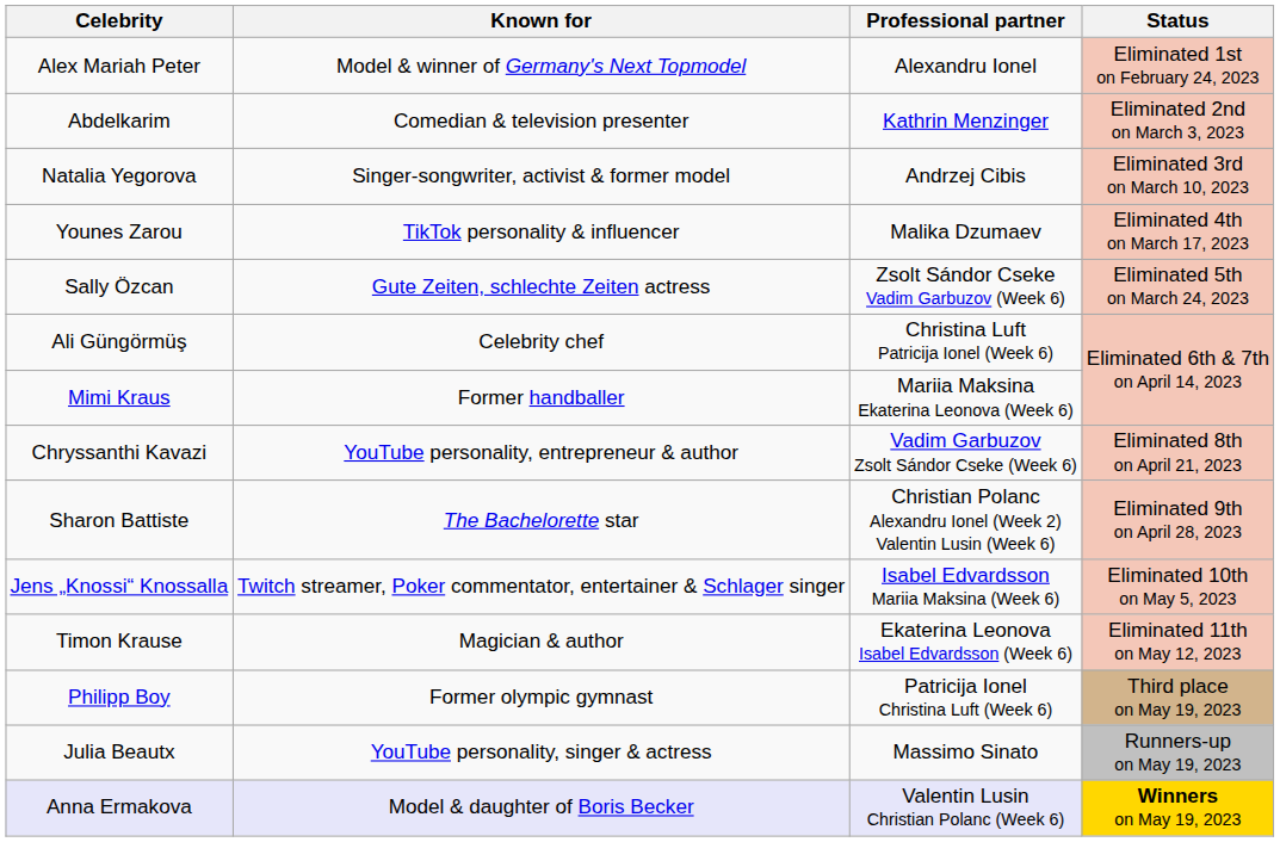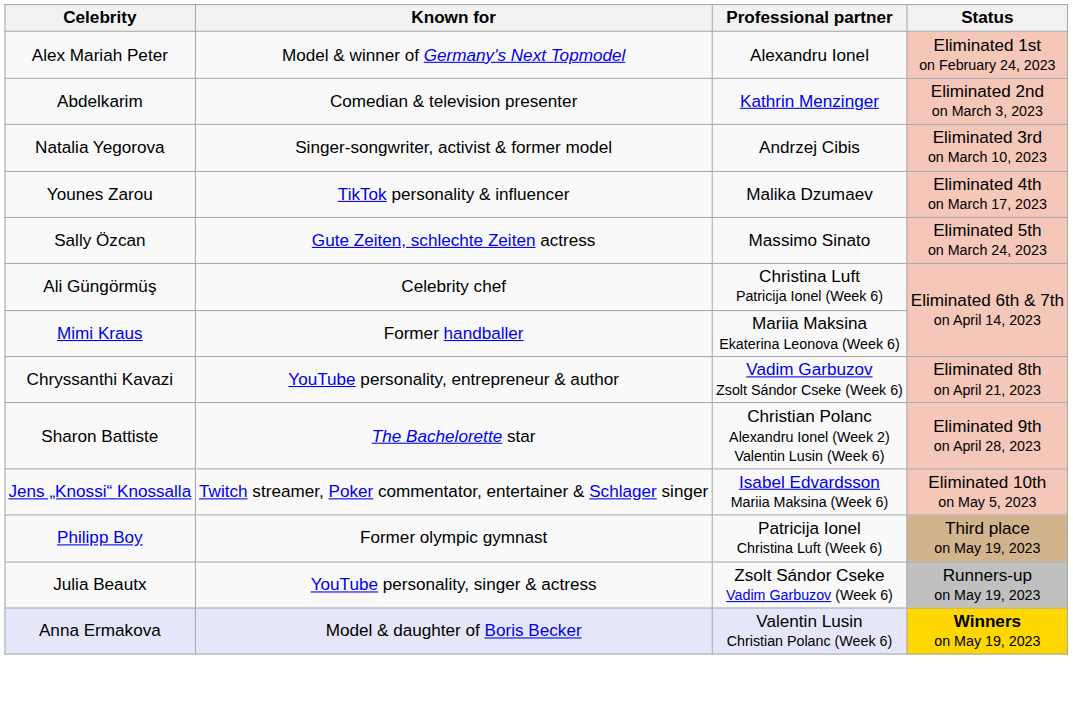 <table class= "wikitable sortable" style="text-align: center; margin:auto; align: center">
 <tr>
 <th>Celebrity</th>
 <th>Known for</th>
 <th>Professional partner</th>
 <th>Status</th>
 </tr>
 <tr>
 <td>Alex Mariah Peter</td>
 <td>Model & winner of <em><a href='#'>Germany's Next Topmodel</a></em></td>
 <td>Alexandru Ionel</td>
 <td bgcolor="#F4C7B8">Eliminated 1st<br><small>on February 24, 2023</small></td>
 </tr>
 <tr>
 <td>Abdelkarim</td>
 <td>Comedian & television presenter</td>
 <td><a href='#'>Kathrin Menzinger</a></td>
 <td bgcolor="#F4C7B8">Eliminated 2nd<br><small>on March 3, 2023</small></td>
 </tr>
 <tr>
 <td>Natalia Yegorova</td>
 <td>Singer-songwriter, activist & former model</td>
 <td>Andrzej Cibis</td>
 <td bgcolor="#F4C7B8">Eliminated 3rd<br><small>on March 10, 2023</small></td>
 </tr>
 <tr>
 <td>Younes Zarou</td>
 <td><a href='#'>TikTok</a> personality & influencer</td>
 <td>Malika Dzumaev</td>
 <td bgcolor="#F4C7B8">Eliminated 4th<br><small>on March 17, 2023</small></td>
 </tr>
 <tr>
 <td>Sally Özcan</td>
 <td><a href='#'>Gute Zeiten, schlechte Zeiten</a> actress</td>
-<td>Zsolt Sándor Cseke<br><small><a href='#'>Vadim Garbuzov</a> (Week 6)</small></td>
+<td>Massimo Sinato</td>
 <td bgcolor="#F4C7B8">Eliminated 5th<br><small>on March 24, 2023</small></td>
 </tr>
 <tr>
 <td>Ali Güngörmüş</td>
 <td>Celebrity chef</td>
 <td>Christina Luft<br><small>Patricija Ionel (Week 6)</small></td>
 <td rowspan="2" bgcolor="#F4C7B8">Eliminated 6th & 7th<br><small>on April 14, 2023</small></td>
 </tr>
 <tr>
 <td><a href='#'>Mimi Kraus</a></td>
 <td>Former <a href='#'>handballer</a></td>
 <td>Mariia Maksina<br><small>Ekaterina Leonova (Week 6)</small></td>
 </tr>
 <tr>
 <td>Chryssanthi Kavazi</td>
 <td><a href='#'>YouTube</a> personality, entrepreneur & author</td>
 <td><a href='#'>Vadim Garbuzov</a><br><small>Zsolt Sándor Cseke (Week 6)</small></td>
 <td bgcolor="#F4C7B8">Eliminated 8th<br><small>on April 21, 2023</small></td>
 </tr>
 <tr>
 <td>Sharon Battiste</td>
 <td><em><a href='#'>The Bachelorette</a></em> star</td>
 <td>Christian Polanc<br><small>Alexandru Ionel (Week 2)</small><br><small>Valentin Lusin (Week 6)</small></td>
 <td bgcolor="#F4C7B8">Eliminated 9th<br><small>on April 28, 2023</small></td>
 </tr>
 <tr>
 <td><a href='#'>Jens „Knossi“ Knossalla</a></td>
 <td><a href='#'>Twitch</a> streamer, <a href='#'>Poker</a> commentator, entertainer & <a href='#'>Schlager</a> singer</td>
 <td><a href='#'>Isabel Edvardsson</a><br><small>Mariia Maksina (Week 6)</small></td>
 <td bgcolor="#F4C7B8">Eliminated 10th<br><small>on May 5, 2023</small></td>
 </tr>
 <tr>
-<td>Timon Krause</td>
-<td>Magician & author</td>
-<td>Ekaterina Leonova<br><small><a href='#'>Isabel Edvardsson</a> (Week 6)</small></td>
-<td bgcolor="#F4C7B8">Eliminated 11th<br><small>on May 12, 2023</small></td>
-</tr>
-<tr>
 <td><a href='#'>Philipp Boy</a></td>
 <td>Former olympic gymnast</td>
 <td>Patricija Ionel<br><small>Christina Luft (Week 6)</small></td>
 <td bgcolor="tan">Third place<br><small>on May 19, 2023</small></td>
 </tr>
 <tr>
 <td>Julia Beautx</td>
 <td><a href='#'>YouTube</a> personality, singer & actress</td>
-<td>Massimo Sinato</td>
+<td>Zsolt Sándor Cseke<br><small><a href='#'>Vadim Garbuzov</a> (Week 6)</small></td>
 <td bgcolor="silver">Runners-up<br><small>on May 19, 2023</small></td>
 </tr>
 <tr bgcolor="lavender">
 <td>Anna Ermakova</td>
 <td>Model & daughter of <a href='#'>Boris Becker</a></td>
 <td>Valentin Lusin<br><small>Christian Polanc (Week 6)</small></td>
 <td bgcolor="gold"><strong>Winners</strong><br><small>on May 19, 2023</small></td>
 </tr>
 </table>
